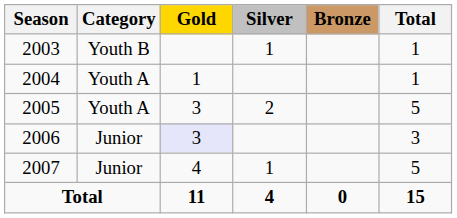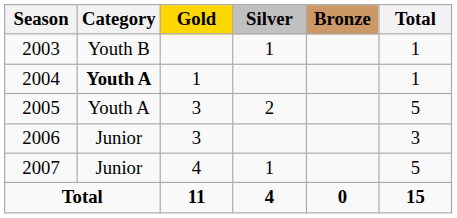 <table class="wikitable" style="text-align:center;">
 <tr>
 <th width = "55">Season</th>
 <th width = "55">Category</th>
 <th width = "55" style="background: gold;">Gold</th>
 <th width = "55" style="background: silver;">Silver</th>
 <th width = "55" style="background: #cc9966;">Bronze</th>
 <th width = "55">Total</th>
 </tr>
 <tr>
 <td>2003</td>
 <td>Youth B</td>
 <td></td>
 <td>1</td>
 <td></td>
 <td>1</td>
 </tr>
 <tr>
 <td>2004</td>
-<td>Youth A</td>
+<td><strong>Youth A</strong></td>
 <td>1</td>
 <td></td>
 <td></td>
 <td>1</td>
 </tr>
 <tr>
 <td>2005</td>
 <td>Youth A</td>
 <td>3</td>
 <td>2</td>
 <td></td>
 <td>5</td>
 </tr>
 <tr>
 <td>2006</td>
 <td>Junior</td>
-<td style="background: lavender;">3</td>
+<td>3</td>
 <td></td>
 <td></td>
 <td>3</td>
 </tr>
 <tr>
 <td>2007</td>
 <td>Junior</td>
 <td>4</td>
 <td>1</td>
 <td></td>
 <td>5</td>
 </tr>
 <tr>
 <td colspan=2><strong>Total</strong></td>
 <td><strong>11</strong></td>
 <td><strong>4</strong></td>
 <td><strong>0</strong></td>
 <td><strong>15</strong></td>
 </tr>
 </table>
